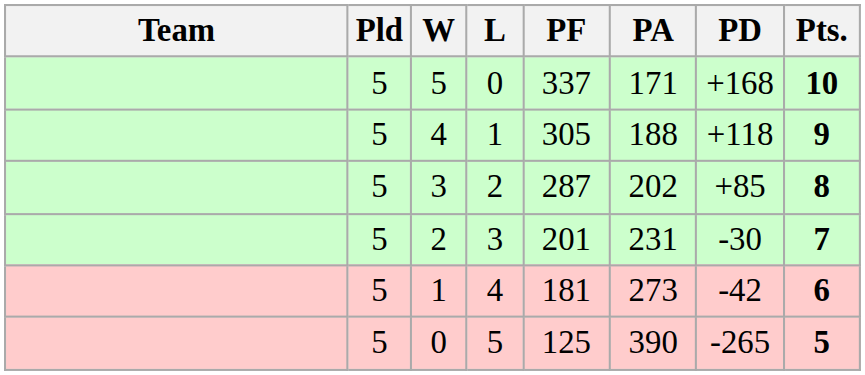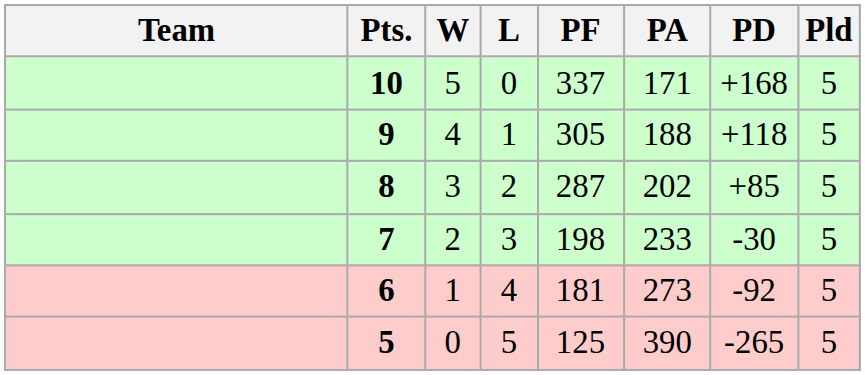 <table class=wikitable style="text-align:center">
 <tr>
 <th width=160>Team</th>
-<th width=20>Pld</th>
+<th width=30>Pts.</th>
 <th width=20>W</th>
 <th width=20>L</th>
 <th width=35>PF</th>
 <th width=35>PA</th>
 <th width=35>PD</th>
-<th width=30>Pts.</th>
+<th width=20>Pld</th>
 </tr>
 <tr align="center" bgcolor="#CCFFCC">
 <td align=left></td>
-<td>5</td>
+<td><strong>10</strong></td>
 <td>5</td>
 <td>0</td>
 <td>337</td>
 <td>171</td>
 <td>+168</td>
-<td><strong>10</strong></td>
+<td>5</td>
 </tr>
 <tr align="center" bgcolor="#CCFFCC">
 <td align=left></td>
-<td>5</td>
+<td><strong>9</strong></td>
 <td>4</td>
 <td>1</td>
 <td>305</td>
 <td>188</td>
 <td>+118</td>
-<td><strong>9</strong></td>
+<td>5</td>
 </tr>
 <tr align="center" bgcolor="#CCFFCC">
 <td align=left></td>
-<td>5</td>
+<td><strong>8</strong></td>
 <td>3</td>
 <td>2</td>
 <td>287</td>
 <td>202</td>
 <td>+85</td>
-<td><strong>8</strong></td>
+<td>5</td>
 </tr>
 <tr align="center"  bgcolor="#CCFFCC">
 <td align=left></td>
-<td>5</td>
+<td><strong>7</strong></td>
 <td>2</td>
 <td>3</td>
-<td>201</td>
-<td>231</td>
+<td>198</td>
+<td>233</td>
 <td>-30</td>
-<td><strong>7</strong></td>
+<td>5</td>
 </tr>
 <tr align="center" bgcolor="#FFCCCC">
 <td align=left></td>
-<td>5</td>
+<td><strong>6</strong></td>
 <td>1</td>
 <td>4</td>
 <td>181</td>
 <td>273</td>
-<td>-42</td>
-<td><strong>6</strong></td>
+<td>-92</td>
+<td>5</td>
 </tr>
 <tr align="center" bgcolor="#FFCCCC">
 <td align=left></td>
-<td>5</td>
+<td><strong>5</strong></td>
 <td>0</td>
 <td>5</td>
 <td>125</td>
 <td>390</td>
 <td>-265</td>
-<td><strong>5</strong></td>
+<td>5</td>
 </tr>
 </table>
